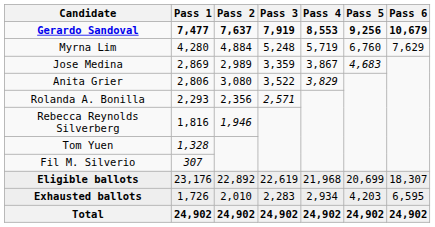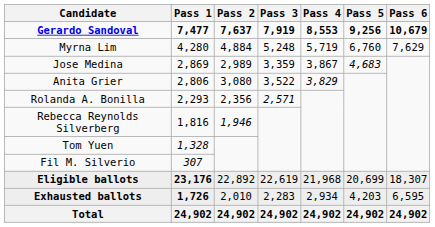 <table class="wikitable" style="text-align: center;">
 <tr>
 <th width="200">Candidate</th>
 <th>Pass 1</th>
 <th>Pass 2</th>
 <th>Pass 3</th>
 <th>Pass 4</th>
 <th>Pass 5</th>
 <th>Pass 6</th>
 </tr>
 <tr>
 <td><strong><a href='#'>Gerardo Sandoval</a></strong></td>
 <td><strong>7,477</strong></td>
 <td><strong>7,637</strong></td>
 <td><strong>7,919</strong></td>
 <td><strong>8,553</strong></td>
 <td><strong>9,256</strong></td>
 <td><strong>10,679</strong></td>
 </tr>
 <tr>
 <td>Myrna Lim</td>
 <td>4,280</td>
 <td>4,884</td>
 <td>5,248</td>
 <td>5,719</td>
 <td>6,760</td>
 <td>7,629</td>
 </tr>
 <tr>
 <td>Jose Medina</td>
 <td>2,869</td>
 <td>2,989</td>
 <td>3,359</td>
 <td>3,867</td>
 <td><em>4,683</em></td>
 <td rowspan="6"></td>
 </tr>
 <tr>
 <td>Anita Grier</td>
 <td>2,806</td>
 <td>3,080</td>
 <td>3,522</td>
 <td><em>3,829</em></td>
 <td rowspan="5"></td>
 </tr>
 <tr>
 <td>Rolanda A. Bonilla</td>
 <td>2,293</td>
 <td>2,356</td>
 <td><em>2,571</em></td>
 <td rowspan="4"></td>
 </tr>
 <tr>
 <td>Rebecca Reynolds Silverberg</td>
 <td>1,816</td>
 <td><em>1,946</em></td>
 <td rowspan="3"></td>
 </tr>
 <tr>
 <td>Tom Yuen</td>
 <td><em>1,328</em></td>
 <td rowspan="2"></td>
 </tr>
 <tr>
 <td>Fil M. Silverio</td>
 <td><em>307</em></td>
 </tr>
 <tr bgcolor="#EEEEEE">
 <td><strong>Eligible ballots</strong></td>
-<td>23,176</td>
+<td><strong>23,176</strong></td>
 <td>22,892</td>
 <td>22,619</td>
 <td>21,968</td>
 <td>20,699</td>
 <td>18,307</td>
 </tr>
 <tr bgcolor="#EEEEEE">
 <td><strong>Exhausted ballots</strong></td>
-<td>1,726</td>
+<td><strong>1,726</strong></td>
 <td>2,010</td>
 <td>2,283</td>
 <td>2,934</td>
 <td>4,203</td>
 <td>6,595</td>
 </tr>
 <tr>
 <th scope="row">Total</th>
 <th>24,902</th>
 <th>24,902</th>
 <th>24,902</th>
 <th>24,902</th>
 <th>24,902</th>
 <th>24,902</th>
 </tr>
 </table>
